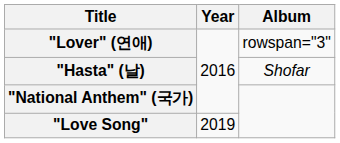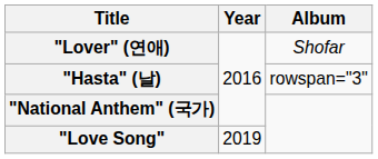 <table class="wikitable plainrowheaders" style="text-align:center;">
 <tr>
 <th scope="col">Title</th>
 <th scope="col">Year</th>
 <th scope="col">Album</th>
 </tr>
 <tr>
 <th scope="row">"Lover" (연애)<br></th>
 <td rowspan="3">2016</td>
-<td>rowspan="3" </td>
+<td><em>Shofar</em></td>
 </tr>
 <tr>
 <th scope="row">"Hasta" (날)<br></th>
-<td><em>Shofar</em></td>
+<td>rowspan="3" </td>
 </tr>
 <tr>
 <th scope="row">"National Anthem" (국가)</th>
 </tr>
 <tr>
 <th scope="row">"Love Song"</th>
 <td>2019</td>
 </tr>
 </table>
